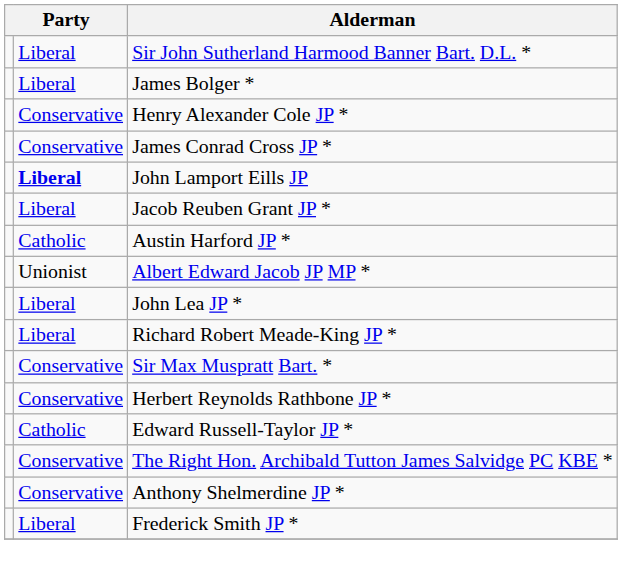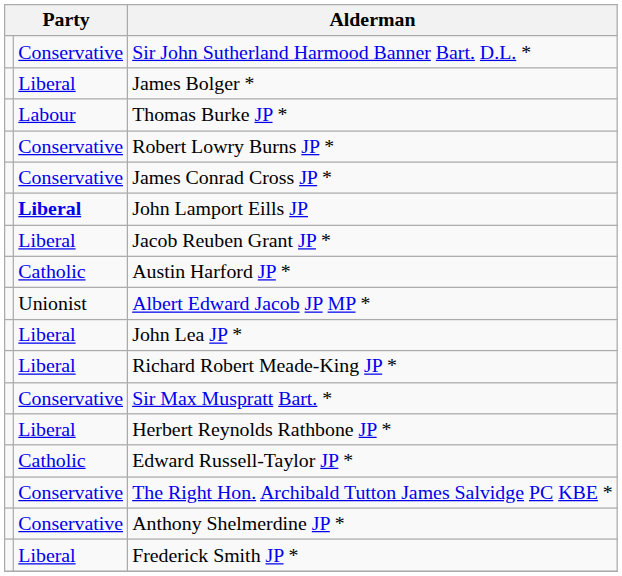 <table class="wikitable">
 <tr>
 <th colspan="2">Party</th>
 <th>Alderman</th>
 </tr>
 <tr>
 <td style="background-color:"></td>
-<td><a href='#'>Liberal</a></td>
+<td><a href='#'>Conservative</a></td>
 <td><a href='#'>Sir John Sutherland Harmood Banner</a> <a href='#'>Bart.</a> <a href='#'>D.L.</a> *</td>
 </tr>
 <tr>
 <td style="background-color:"></td>
 <td><a href='#'>Liberal</a></td>
 <td>James Bolger *</td>
 </tr>
 <tr>
 <td style="background-color:"></td>
+<td><a href='#'>Labour</a></td>
+<td>Thomas Burke <a href='#'>JP</a> *</td>
+</tr>
+<tr>
+<td style="background-color:"></td>
 <td><a href='#'>Conservative</a></td>
-<td>Henry Alexander Cole <a href='#'>JP</a> *</td>
+<td>Robert Lowry Burns <a href='#'>JP</a> *</td>
 </tr>
 <tr>
 <td style="background-color:"></td>
 <td><a href='#'>Conservative</a></td>
 <td>James Conrad Cross <a href='#'>JP</a> *</td>
 </tr>
 <tr>
 <td style="background-color:"></td>
 <td><strong><a href='#'>Liberal</a></strong></td>
 <td>John Lamport Eills <a href='#'>JP</a></td>
 </tr>
 <tr>
 <td style="background-color:"></td>
 <td><a href='#'>Liberal</a></td>
 <td>Jacob Reuben Grant <a href='#'>JP</a> *</td>
 </tr>
 <tr>
 <td style="background-color:"></td>
 <td><a href='#'>Catholic</a></td>
 <td>Austin Harford <a href='#'>JP</a> *</td>
 </tr>
 <tr>
 <td style=" "></td>
 <td>Unionist</td>
 <td><a href='#'>Albert Edward Jacob</a> <a href='#'>JP</a> <a href='#'>MP</a> *</td>
 </tr>
 <tr>
 <td style="background-color:"></td>
 <td><a href='#'>Liberal</a></td>
 <td>John Lea <a href='#'>JP</a> *</td>
 </tr>
 <tr>
 <td style="background-color:"></td>
 <td><a href='#'>Liberal</a></td>
 <td>Richard Robert Meade-King <a href='#'>JP</a> *</td>
 </tr>
 <tr>
 <td style="background-color:"></td>
 <td><a href='#'>Conservative</a></td>
 <td><a href='#'>Sir Max Muspratt</a> <a href='#'>Bart.</a> *</td>
 </tr>
 <tr>
 <td style="background-color:"></td>
-<td><a href='#'>Conservative</a></td>
+<td><a href='#'>Liberal</a></td>
 <td>Herbert Reynolds Rathbone <a href='#'>JP</a> *</td>
 </tr>
 <tr>
 <td style="background-color:"></td>
 <td><a href='#'>Catholic</a></td>
 <td>Edward Russell-Taylor <a href='#'>JP</a> *</td>
 </tr>
 <tr>
 <td style="background-color:"></td>
 <td><a href='#'>Conservative</a></td>
 <td><a href='#'>The Right Hon.</a> <a href='#'>Archibald Tutton James Salvidge</a> <a href='#'>PC</a> <a href='#'>KBE</a> *</td>
 </tr>
 <tr>
 <td style="background-color:"></td>
 <td><a href='#'>Conservative</a></td>
 <td>Anthony Shelmerdine <a href='#'>JP</a> *</td>
 </tr>
 <tr>
 <td style="background-color:"></td>
 <td><a href='#'>Liberal</a></td>
 <td>Frederick Smith <a href='#'>JP</a> *</td>
 </tr>
 <tr>
 </tr>
 </table>
